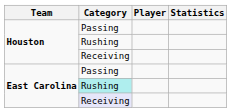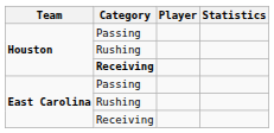 <table class="wikitable" style="float: left;">
 <tr>
 <th>Team</th>
 <th>Category</th>
 <th>Player</th>
 <th>Statistics</th>
 </tr>
 <tr>
 <td rowspan=3><strong>Houston</strong></td>
 <td>Passing</td>
 <td></td>
 <td></td>
 </tr>
 <tr>
 <td>Rushing</td>
 <td></td>
 <td></td>
 </tr>
 <tr>
-<td>Receiving</td>
+<td><strong>Receiving</strong></td>
 <td></td>
 <td></td>
 </tr>
 <tr>
 <td rowspan=3><strong>East Carolina</strong></td>
 <td>Passing</td>
 <td></td>
 <td></td>
 </tr>
 <tr>
-<td style="background: paleturquoise;">Rushing</td>
+<td>Rushing</td>
 <td></td>
 <td></td>
 </tr>
 <tr>
-<td style="background: lavender;">Receiving</td>
+<td>Receiving</td>
 <td></td>
 <td></td>
 </tr>
 </table>
